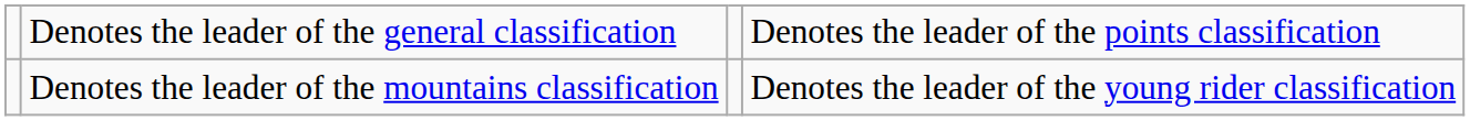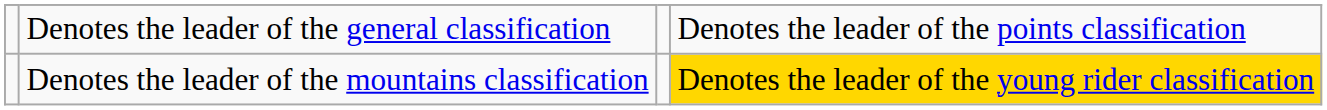 <table class="wikitable">
 <tr>
 <td></td>
 <td>Denotes the leader of the <a href='#'>general classification</a></td>
 <td></td>
 <td>Denotes the leader of the <a href='#'>points classification</a></td>
 </tr>
 <tr>
 <td></td>
 <td>Denotes the leader of the <a href='#'>mountains classification</a></td>
 <td></td>
-<td>Denotes the leader of the <a href='#'>young rider classification</a></td>
+<td style="background: gold;">Denotes the leader of the <a href='#'>young rider classification</a></td>
 </tr>
 </table>
